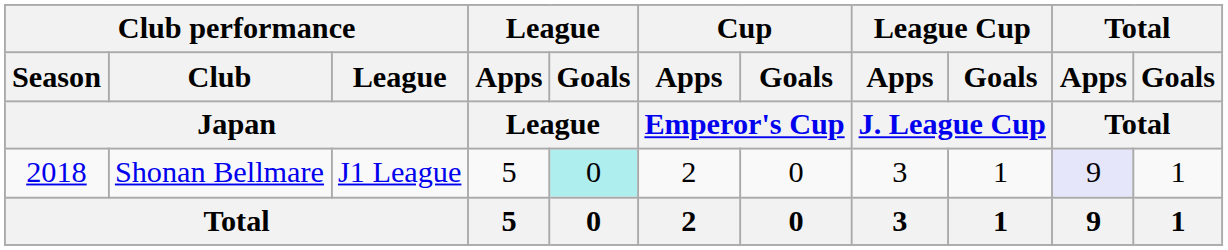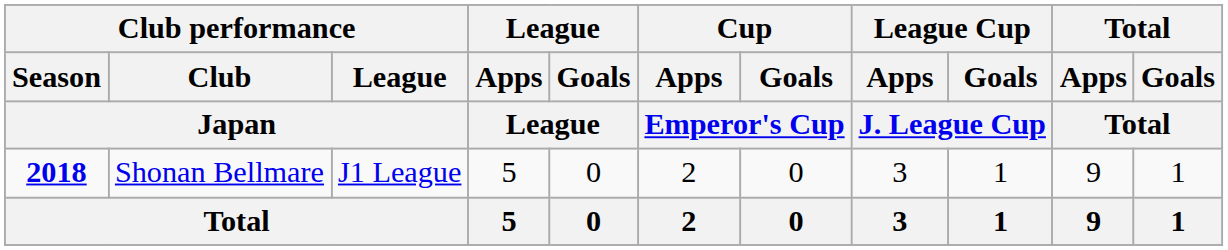 <table class="wikitable" style="text-align:center;">
 <tr>
 <th colspan=3>Club performance</th>
 <th colspan=2>League</th>
 <th colspan=2>Cup</th>
 <th colspan=2>League Cup</th>
 <th colspan=2>Total</th>
 </tr>
 <tr>
 <th>Season</th>
 <th>Club</th>
 <th>League</th>
 <th>Apps</th>
 <th>Goals</th>
 <th>Apps</th>
 <th>Goals</th>
 <th>Apps</th>
 <th>Goals</th>
 <th>Apps</th>
 <th>Goals</th>
 </tr>
 <tr>
 <th colspan=3>Japan</th>
 <th colspan=2>League</th>
 <th colspan=2><a href='#'>Emperor's Cup</a></th>
 <th colspan=2><a href='#'>J. League Cup</a></th>
 <th colspan=2>Total</th>
 </tr>
 <tr>
-<td><a href='#'>2018</a></td>
+<td><strong><a href='#'>2018</a></strong></td>
 <td rowspan="1"><a href='#'>Shonan Bellmare</a></td>
 <td><a href='#'>J1 League</a></td>
 <td>5</td>
-<td style="background: paleturquoise;">0</td>
+<td>0</td>
 <td>2</td>
 <td>0</td>
 <td>3</td>
 <td>1</td>
-<td style="background: lavender;">9</td>
+<td>9</td>
 <td>1</td>
 </tr>
 <tr>
 <th colspan=3>Total</th>
 <th>5</th>
 <th>0</th>
 <th>2</th>
 <th>0</th>
 <th>3</th>
 <th>1</th>
 <th>9</th>
 <th>1</th>
 </tr>
 </table>
